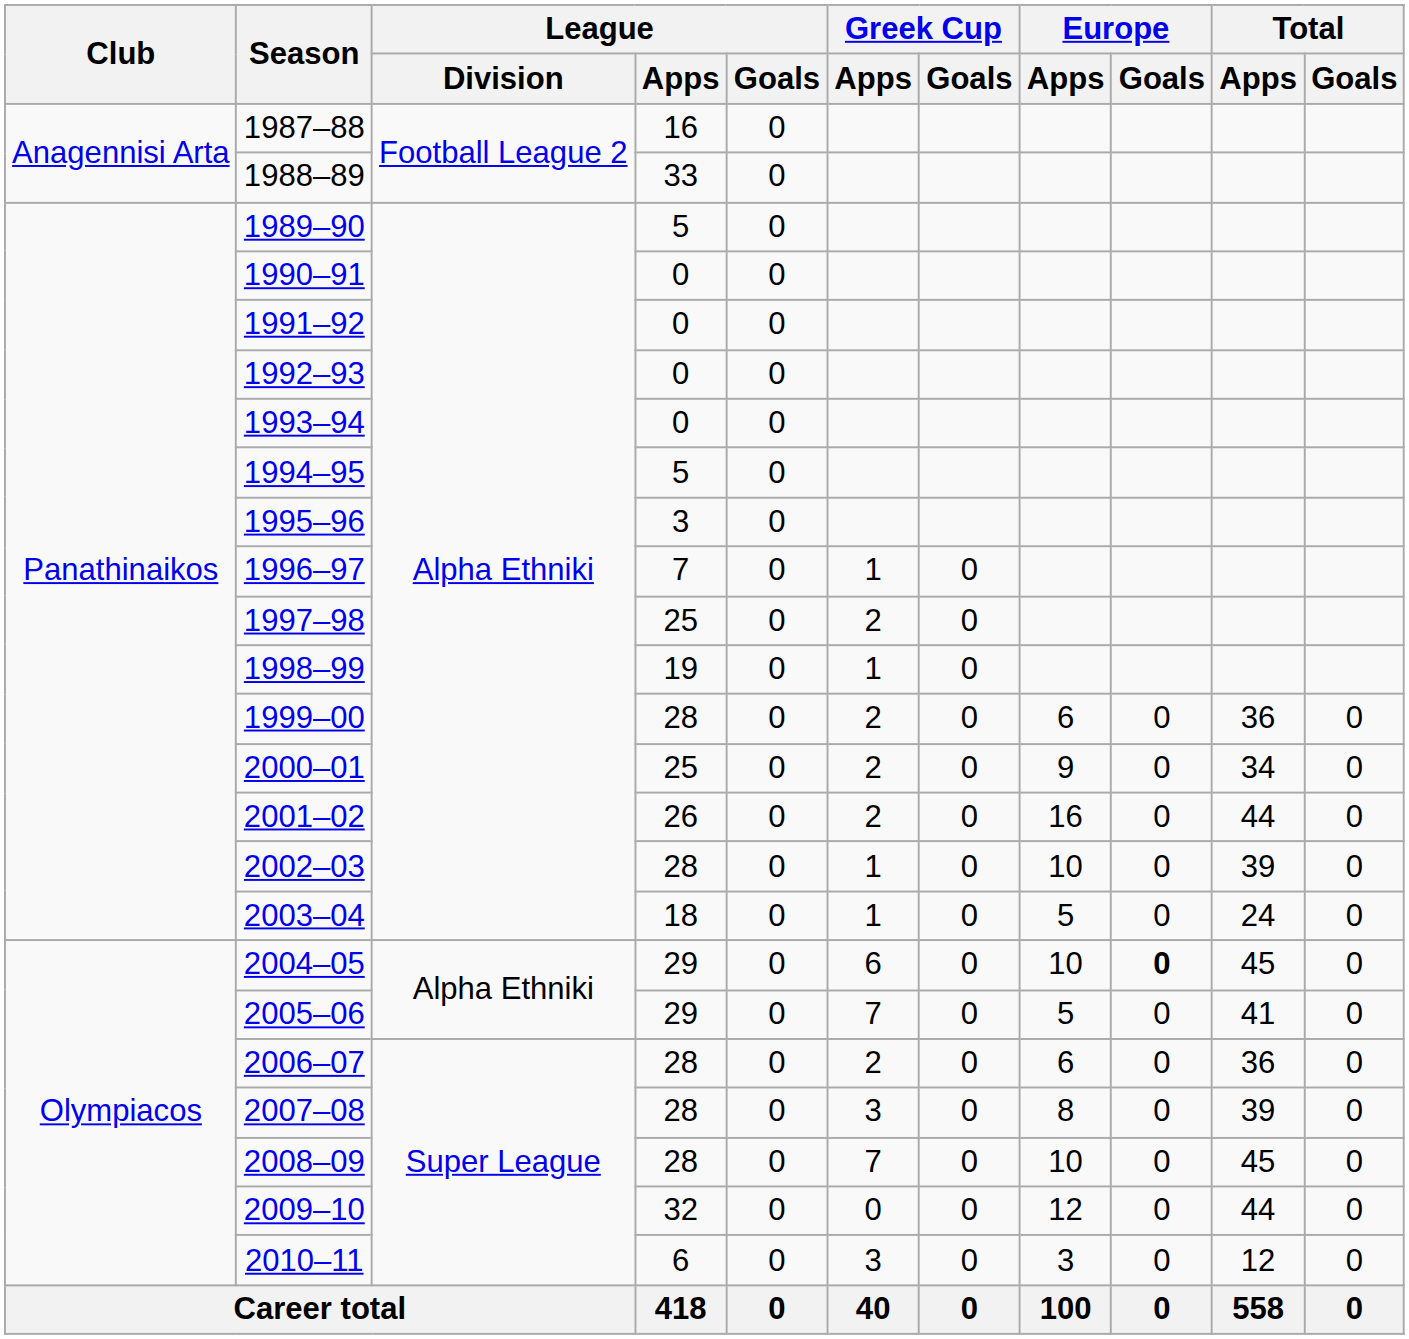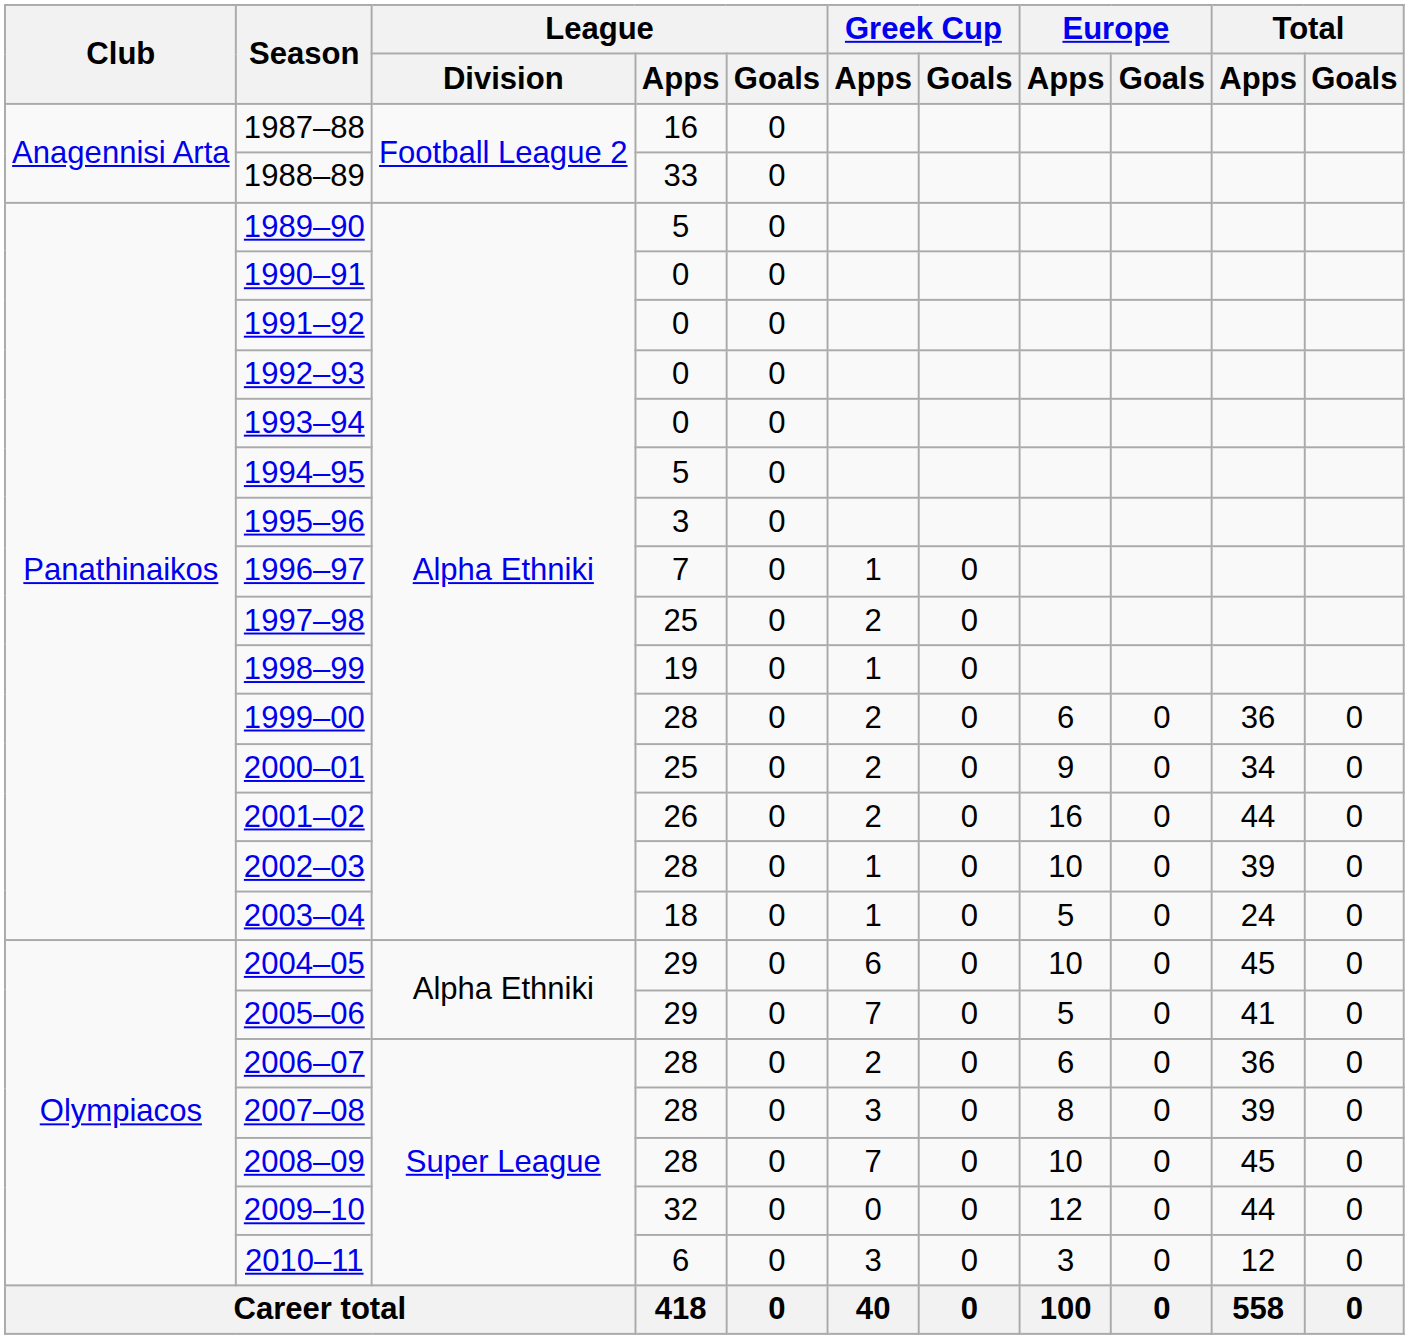 <table class="wikitable" style="text-align:center">
 <tr>
 <th rowspan="2">Club</th>
 <th rowspan="2">Season</th>
 <th colspan="3">League</th>
 <th colspan="2"><a href='#'>Greek Cup</a></th>
 <th colspan="2"><a href='#'>Europe</a></th>
 <th colspan="2">Total</th>
 </tr>
 <tr>
 <th>Division</th>
 <th>Apps</th>
 <th>Goals</th>
 <th>Apps</th>
 <th>Goals</th>
 <th>Apps</th>
 <th>Goals</th>
 <th>Apps</th>
 <th>Goals</th>
 </tr>
 <tr>
 <td rowspan="2"><a href='#'>Anagennisi Arta</a></td>
 <td>1987–88</td>
 <td rowspan="2"><a href='#'>Football League 2</a></td>
 <td>16</td>
 <td>0</td>
 <td></td>
 <td></td>
 <td></td>
 <td></td>
 <td></td>
 <td></td>
 </tr>
 <tr>
 <td>1988–89</td>
 <td>33</td>
 <td>0</td>
 <td></td>
 <td></td>
 <td></td>
 <td></td>
 <td></td>
 <td></td>
 </tr>
 <tr>
 <td rowspan="15"><a href='#'>Panathinaikos</a></td>
 <td><a href='#'>1989–90</a></td>
 <td rowspan="15"><a href='#'>Alpha Ethniki</a></td>
 <td>5</td>
 <td>0</td>
 <td></td>
 <td></td>
 <td></td>
 <td></td>
 <td></td>
 <td></td>
 </tr>
 <tr>
 <td><a href='#'>1990–91</a></td>
 <td>0</td>
 <td>0</td>
 <td></td>
 <td></td>
 <td></td>
 <td></td>
 <td></td>
 <td></td>
 </tr>
 <tr>
 <td><a href='#'>1991–92</a></td>
 <td>0</td>
 <td>0</td>
 <td></td>
 <td></td>
 <td></td>
 <td></td>
 <td></td>
 <td></td>
 </tr>
 <tr>
 <td><a href='#'>1992–93</a></td>
 <td>0</td>
 <td>0</td>
 <td></td>
 <td></td>
 <td></td>
 <td></td>
 <td></td>
 <td></td>
 </tr>
 <tr>
 <td><a href='#'>1993–94</a></td>
 <td>0</td>
 <td>0</td>
 <td></td>
 <td></td>
 <td></td>
 <td></td>
 <td></td>
 <td></td>
 </tr>
 <tr>
 <td><a href='#'>1994–95</a></td>
 <td>5</td>
 <td>0</td>
 <td></td>
 <td></td>
 <td></td>
 <td></td>
 <td></td>
 <td></td>
 </tr>
 <tr>
 <td><a href='#'>1995–96</a></td>
 <td>3</td>
 <td>0</td>
 <td></td>
 <td></td>
 <td></td>
 <td></td>
 <td></td>
 <td></td>
 </tr>
 <tr>
 <td><a href='#'>1996–97</a></td>
 <td>7</td>
 <td>0</td>
 <td>1</td>
 <td>0</td>
 <td></td>
 <td></td>
 <td></td>
 <td></td>
 </tr>
 <tr>
 <td><a href='#'>1997–98</a></td>
 <td>25</td>
 <td>0</td>
 <td>2</td>
 <td>0</td>
 <td></td>
 <td></td>
 <td></td>
 <td></td>
 </tr>
 <tr>
 <td><a href='#'>1998–99</a></td>
 <td>19</td>
 <td>0</td>
 <td>1</td>
 <td>0</td>
 <td></td>
 <td></td>
 <td></td>
 <td></td>
 </tr>
 <tr>
 <td><a href='#'>1999–00</a></td>
 <td>28</td>
 <td>0</td>
 <td>2</td>
 <td>0</td>
 <td>6</td>
 <td>0</td>
 <td>36</td>
 <td>0</td>
 </tr>
 <tr>
 <td><a href='#'>2000–01</a></td>
 <td>25</td>
 <td>0</td>
 <td>2</td>
 <td>0</td>
 <td>9</td>
 <td>0</td>
 <td>34</td>
 <td>0</td>
 </tr>
 <tr>
 <td><a href='#'>2001–02</a></td>
 <td>26</td>
 <td>0</td>
 <td>2</td>
 <td>0</td>
 <td>16</td>
 <td>0</td>
 <td>44</td>
 <td>0</td>
 </tr>
 <tr>
 <td><a href='#'>2002–03</a></td>
 <td>28</td>
 <td>0</td>
 <td>1</td>
 <td>0</td>
 <td>10</td>
 <td>0</td>
 <td>39</td>
 <td>0</td>
 </tr>
 <tr>
 <td><a href='#'>2003–04</a></td>
 <td>18</td>
 <td>0</td>
 <td>1</td>
 <td>0</td>
 <td>5</td>
 <td>0</td>
 <td>24</td>
 <td>0</td>
 </tr>
 <tr>
 <td rowspan="7"><a href='#'>Olympiacos</a></td>
 <td><a href='#'>2004–05</a></td>
 <td rowspan="2">Alpha Ethniki</td>
 <td>29</td>
 <td>0</td>
 <td>6</td>
 <td>0</td>
 <td>10</td>
-<td><strong>0</strong></td>
+<td>0</td>
 <td>45</td>
 <td>0</td>
 </tr>
 <tr>
 <td><a href='#'>2005–06</a></td>
 <td>29</td>
 <td>0</td>
 <td>7</td>
 <td>0</td>
 <td>5</td>
 <td>0</td>
 <td>41</td>
 <td>0</td>
 </tr>
 <tr>
 <td><a href='#'>2006–07</a></td>
 <td rowspan="5"><a href='#'>Super League</a></td>
 <td>28</td>
 <td>0</td>
 <td>2</td>
 <td>0</td>
 <td>6</td>
 <td>0</td>
 <td>36</td>
 <td>0</td>
 </tr>
 <tr>
 <td><a href='#'>2007–08</a></td>
 <td>28</td>
 <td>0</td>
 <td>3</td>
 <td>0</td>
 <td>8</td>
 <td>0</td>
 <td>39</td>
 <td>0</td>
 </tr>
 <tr>
 <td><a href='#'>2008–09</a></td>
 <td>28</td>
 <td>0</td>
 <td>7</td>
 <td>0</td>
 <td>10</td>
 <td>0</td>
 <td>45</td>
 <td>0</td>
 </tr>
 <tr>
 <td><a href='#'>2009–10</a></td>
 <td>32</td>
 <td>0</td>
 <td>0</td>
 <td>0</td>
 <td>12</td>
 <td>0</td>
 <td>44</td>
 <td>0</td>
 </tr>
 <tr>
 <td><a href='#'>2010–11</a></td>
 <td>6</td>
 <td>0</td>
 <td>3</td>
 <td>0</td>
 <td>3</td>
 <td>0</td>
 <td>12</td>
 <td>0</td>
 </tr>
 <tr>
 <th colspan="3">Career total</th>
 <th>418</th>
 <th>0</th>
 <th>40</th>
 <th>0</th>
 <th>100</th>
 <th>0</th>
 <th>558</th>
 <th>0</th>
 </tr>
 </table>
